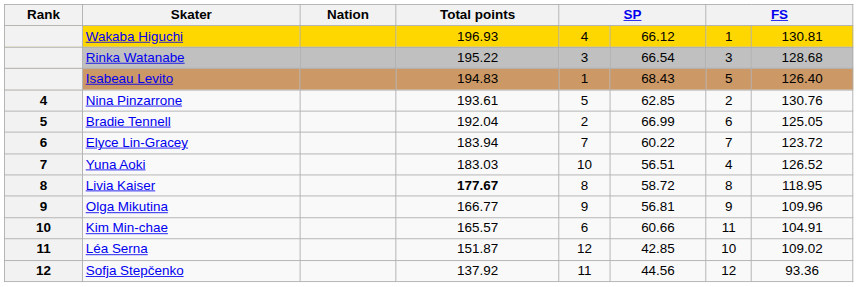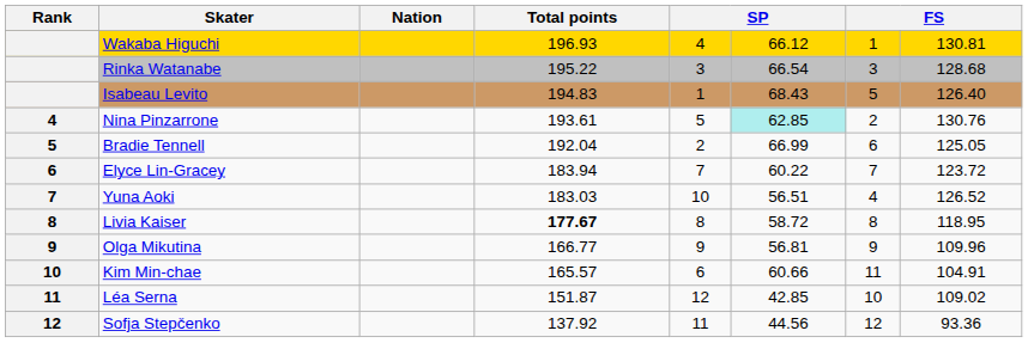 <table class="wikitable sortable" style="text-align:center;" width="80%">
 <tr>
 <th scope="col">Rank</th>
 <th scope="col">Skater</th>
 <th scope="col">Nation</th>
 <th scope="col">Total points</th>
 <th scope="col" colspan="2" width="80px"><a href='#'>SP</a></th>
 <th scope="col" colspan="2" width="80px"><a href='#'>FS</a></th>
 </tr>
 <tr bgcolor="gold">
 <th scope="row"></th>
 <td align="left"><a href='#'>Wakaba Higuchi</a></td>
 <td align="left"></td>
 <td>196.93</td>
 <td>4</td>
 <td>66.12</td>
 <td>1</td>
 <td>130.81</td>
 </tr>
 <tr bgcolor="silver">
 <th scope="row"></th>
 <td align="left"><a href='#'>Rinka Watanabe</a></td>
 <td align="left"></td>
 <td>195.22</td>
 <td>3</td>
 <td>66.54</td>
 <td>3</td>
 <td>128.68</td>
 </tr>
 <tr bgcolor="cc9966">
 <th scope="row"></th>
 <td align="left"><a href='#'>Isabeau Levito</a></td>
 <td align="left"></td>
 <td>194.83</td>
 <td>1</td>
 <td>68.43</td>
 <td>5</td>
 <td>126.40</td>
 </tr>
 <tr>
 <th scope="row">4</th>
 <td align="left"><a href='#'>Nina Pinzarrone</a></td>
 <td align="left"></td>
 <td>193.61</td>
 <td>5</td>
-<td>62.85</td>
+<td style="background: paleturquoise;">62.85</td>
 <td>2</td>
 <td>130.76</td>
 </tr>
 <tr>
 <th scope="row">5</th>
 <td align="left"><a href='#'>Bradie Tennell</a></td>
 <td align="left"></td>
 <td>192.04</td>
 <td>2</td>
 <td>66.99</td>
 <td>6</td>
 <td>125.05</td>
 </tr>
 <tr>
 <th scope="row">6</th>
 <td align="left"><a href='#'>Elyce Lin-Gracey</a></td>
 <td align="left"></td>
 <td>183.94</td>
 <td>7</td>
 <td>60.22</td>
 <td>7</td>
 <td>123.72</td>
 </tr>
 <tr>
 <th scope="row">7</th>
 <td align="left"><a href='#'>Yuna Aoki</a></td>
 <td align="left"></td>
 <td>183.03</td>
 <td>10</td>
 <td>56.51</td>
 <td>4</td>
 <td>126.52</td>
 </tr>
 <tr>
 <th scope="row">8</th>
 <td align="left"><a href='#'>Livia Kaiser</a></td>
 <td align="left"></td>
 <td><strong>177.67</strong></td>
 <td>8</td>
 <td>58.72</td>
 <td>8</td>
 <td>118.95</td>
 </tr>
 <tr>
 <th scope="row">9</th>
 <td align="left"><a href='#'>Olga Mikutina</a></td>
 <td align="left"></td>
 <td>166.77</td>
 <td>9</td>
 <td>56.81</td>
 <td>9</td>
 <td>109.96</td>
 </tr>
 <tr>
 <th scope="row">10</th>
 <td align="left"><a href='#'>Kim Min-chae</a></td>
 <td align="left"></td>
 <td>165.57</td>
 <td>6</td>
 <td>60.66</td>
 <td>11</td>
 <td>104.91</td>
 </tr>
 <tr>
 <th scope="row">11</th>
 <td align="left"><a href='#'>Léa Serna</a></td>
 <td align="left"></td>
 <td>151.87</td>
 <td>12</td>
 <td>42.85</td>
 <td>10</td>
 <td>109.02</td>
 </tr>
 <tr>
 <th scope="row">12</th>
 <td align="left"><a href='#'>Sofja Stepčenko</a></td>
 <td align="left"></td>
 <td>137.92</td>
 <td>11</td>
 <td>44.56</td>
 <td>12</td>
 <td>93.36</td>
 </tr>
 </table>
